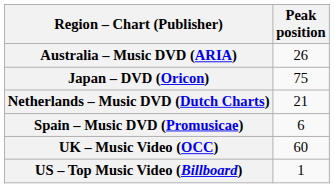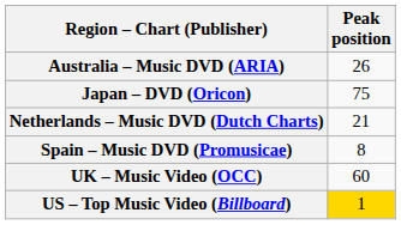 <table class="wikitable sortable plainrowheaders" style="text-align:center;">
 <tr>
 <th scope="col">Region – Chart (Publisher)</th>
 <th scope="col">Peak<br>position</th>
 </tr>
 <tr>
 <th scope="row">Australia – Music DVD (<a href='#'>ARIA</a>)</th>
 <td>26</td>
 </tr>
 <tr>
 <th scope="row">Japan – DVD (<a href='#'>Oricon</a>)</th>
 <td>75</td>
 </tr>
 <tr>
 <th scope="row">Netherlands – Music DVD (<a href='#'>Dutch Charts</a>)</th>
 <td>21</td>
 </tr>
 <tr>
 <th scope="row">Spain – Music DVD (<a href='#'>Promusicae</a>)</th>
-<td>6</td>
+<td>8</td>
 </tr>
 <tr>
 <th scope="row">UK – Music Video (<a href='#'>OCC</a>)</th>
 <td>60</td>
 </tr>
 <tr>
 <th scope="row">US – Top Music Video (<em><a href='#'>Billboard</a></em>)</th>
-<td>1</td>
+<td style="background: gold;">1</td>
 </tr>
 </table>
